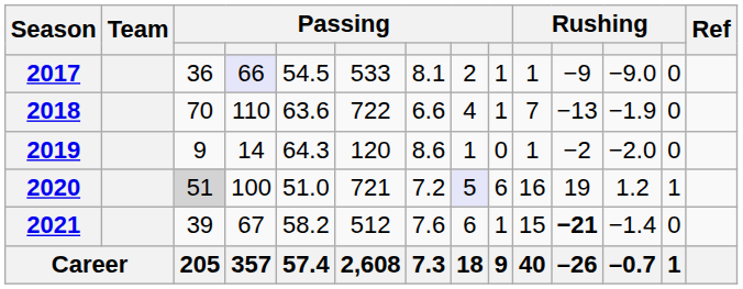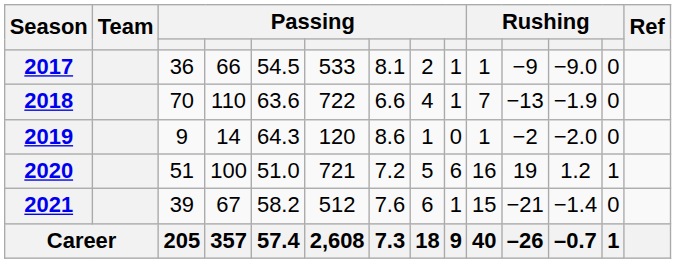 <table class="wikitable" style="text-align:center;">
 <tr>
 <th rowspan="2">Season</th>
 <th rowspan="2">Team</th>
 <th colspan="7">Passing</th>
 <th colspan="4">Rushing</th>
 <th rowspan="2">Ref</th>
 </tr>
 <tr>
 <th></th>
 <th></th>
 <th></th>
 <th></th>
 <th></th>
 <th></th>
 <th></th>
 <th></th>
 <th></th>
 <th></th>
 <th></th>
 </tr>
 <tr>
 <th><a href='#'>2017</a></th>
 <th></th>
 <td>36</td>
-<td style="background: lavender;">66</td>
+<td>66</td>
 <td>54.5</td>
 <td>533</td>
 <td>8.1</td>
 <td>2</td>
 <td>1</td>
 <td>1</td>
 <td>−9</td>
 <td>−9.0</td>
 <td>0</td>
 <td></td>
 </tr>
 <tr>
 <th><a href='#'>2018</a></th>
 <th></th>
 <td>70</td>
 <td>110</td>
 <td>63.6</td>
 <td>722</td>
 <td>6.6</td>
 <td>4</td>
 <td>1</td>
 <td>7</td>
 <td>−13</td>
 <td>−1.9</td>
 <td>0</td>
 <td></td>
 </tr>
 <tr>
 <th><a href='#'>2019</a></th>
 <th></th>
 <td>9</td>
 <td>14</td>
 <td>64.3</td>
 <td>120</td>
 <td>8.6</td>
 <td>1</td>
 <td>0</td>
 <td>1</td>
 <td>−2</td>
 <td>−2.0</td>
 <td>0</td>
 <td></td>
 </tr>
 <tr>
 <th><a href='#'>2020</a></th>
 <th></th>
-<td style="background: lightgrey;">51</td>
+<td>51</td>
 <td>100</td>
 <td>51.0</td>
 <td>721</td>
 <td>7.2</td>
-<td style="background: lavender;">5</td>
+<td>5</td>
 <td>6</td>
 <td>16</td>
 <td>19</td>
 <td>1.2</td>
 <td>1</td>
 <td></td>
 </tr>
 <tr>
 <th><a href='#'>2021</a></th>
 <th></th>
 <td>39</td>
 <td>67</td>
 <td>58.2</td>
 <td>512</td>
 <td>7.6</td>
 <td>6</td>
 <td>1</td>
 <td>15</td>
-<td><strong>−21</strong></td>
+<td>−21</td>
 <td>−1.4</td>
 <td>0</td>
 <td></td>
 </tr>
 <tr>
 <th colspan="2">Career</th>
 <th>205</th>
 <th>357</th>
 <th>57.4</th>
 <th>2,608</th>
 <th>7.3</th>
 <th>18</th>
 <th>9</th>
 <th>40</th>
 <th>–26</th>
 <th>–0.7</th>
 <th>1</th>
 <th></th>
 </tr>
 </table>
